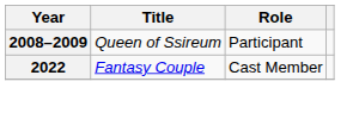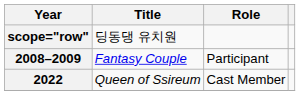 <table class="wikitable  plainrowheaders">
 <tr>
 <th scope="col">Year</th>
 <th scope="col">Title</th>
 <th scope="col">Role</th>
 <th scope="col" class="unsortable"></th>
 </tr>
 <tr>
+<th>scope="row" </th>
+<td>딩동댕 유치원</td>
+<td></td>
+<td></td>
+</tr>
+<tr>
 <th scope="row">2008–2009</th>
-<td><em>Queen of Ssireum</em></td>
+<td><em><a href='#'>Fantasy Couple</a></em></td>
 <td>Participant</td>
 <td></td>
 </tr>
 <tr>
 <th scope="row">2022</th>
-<td><em><a href='#'>Fantasy Couple</a></em></td>
+<td><em>Queen of Ssireum</em></td>
 <td>Cast Member</td>
 <td></td>
 </tr>
 <tr>
 </tr>
 </table>
